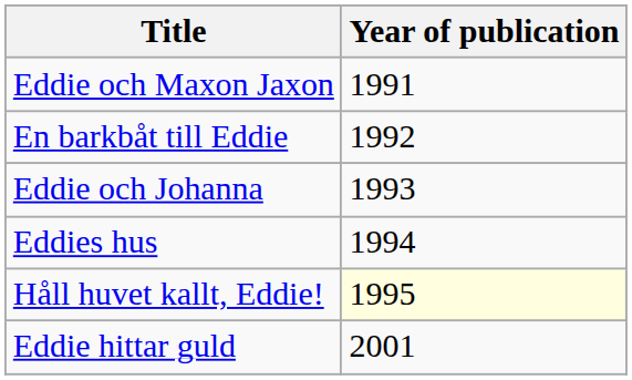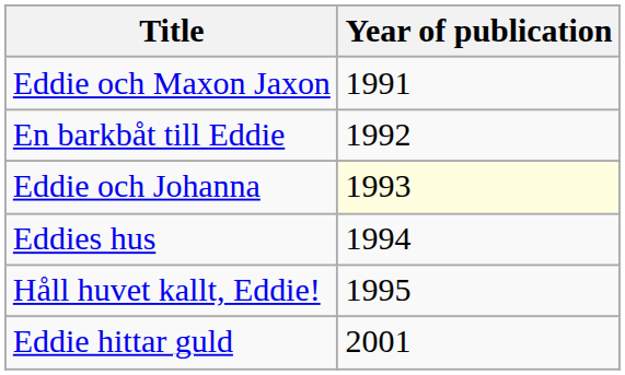 <table class=wikitable>
 <tr>
 <th>Title</th>
 <th>Year of publication</th>
 </tr>
 <tr>
 <td><a href='#'>Eddie och Maxon Jaxon</a></td>
 <td>1991</td>
 </tr>
 <tr>
 <td><a href='#'>En barkbåt till Eddie</a></td>
 <td>1992</td>
 </tr>
 <tr>
 <td><a href='#'>Eddie och Johanna</a></td>
-<td>1993</td>
+<td style="background: lightyellow;">1993</td>
 </tr>
 <tr>
 <td><a href='#'>Eddies hus</a></td>
 <td>1994</td>
 </tr>
 <tr>
 <td><a href='#'>Håll huvet kallt, Eddie!</a></td>
-<td style="background: lightyellow;">1995</td>
+<td>1995</td>
 </tr>
 <tr>
 <td><a href='#'>Eddie hittar guld</a></td>
 <td>2001</td>
 </tr>
 </table>
